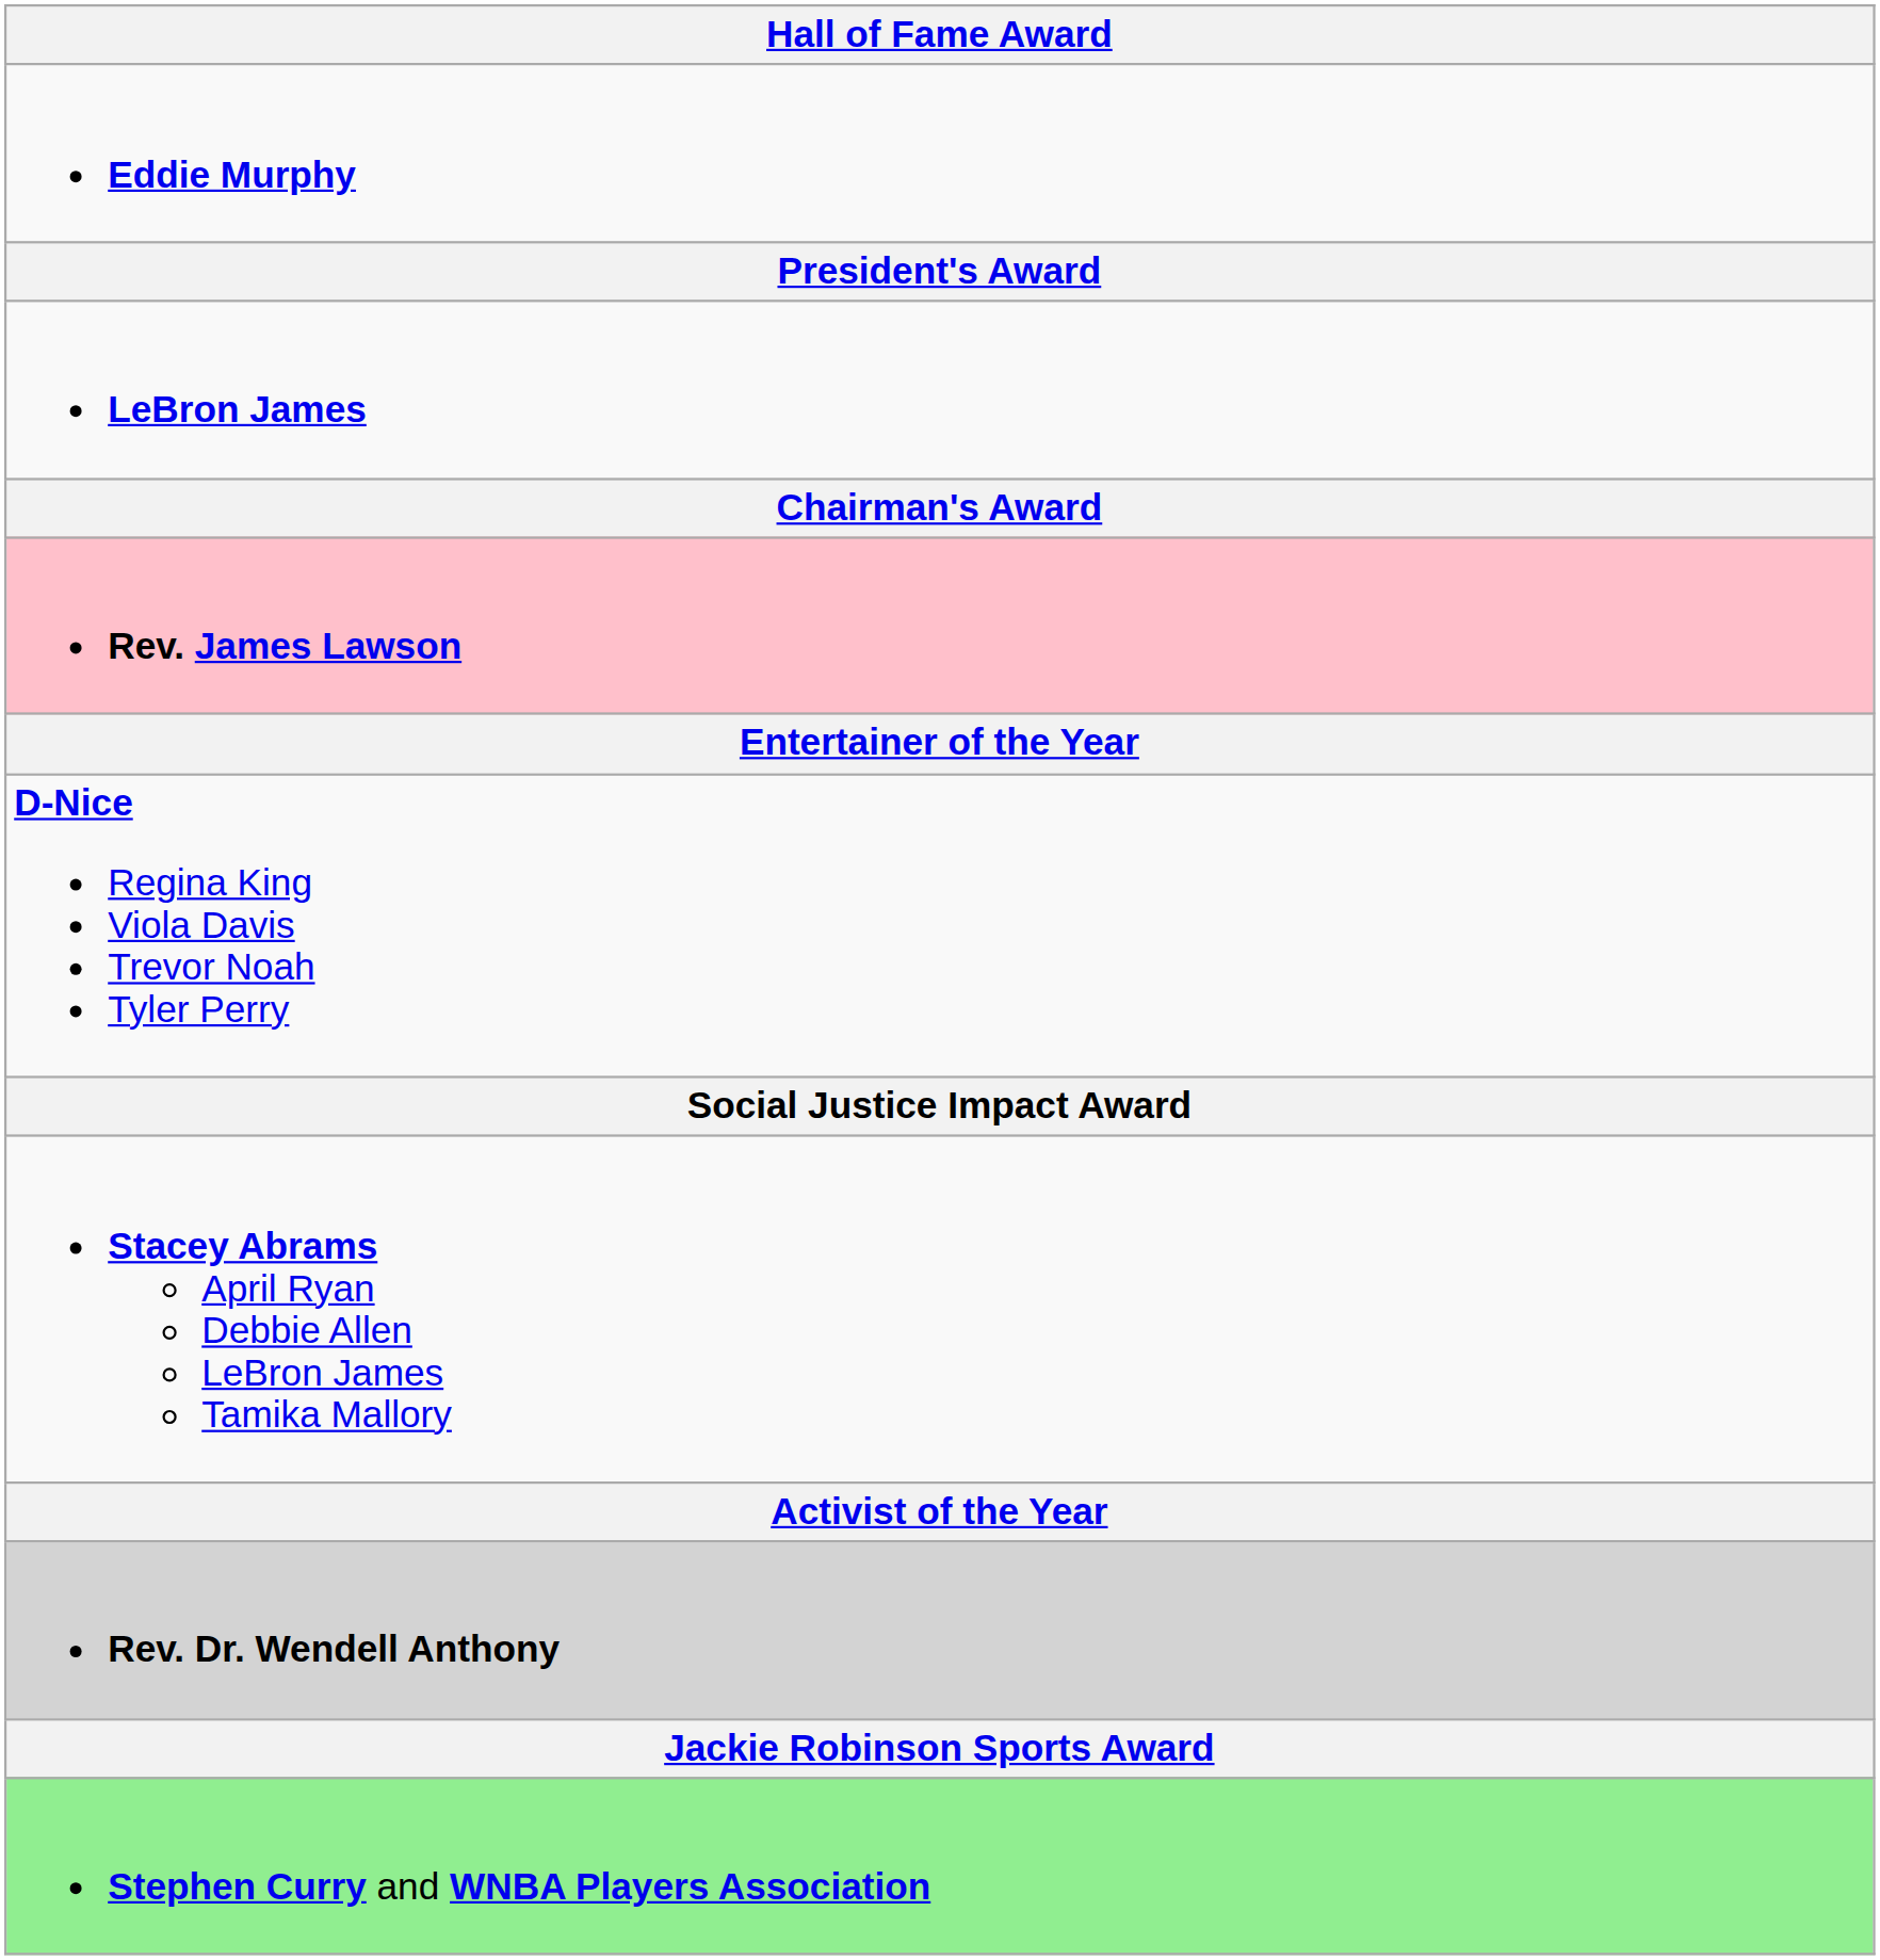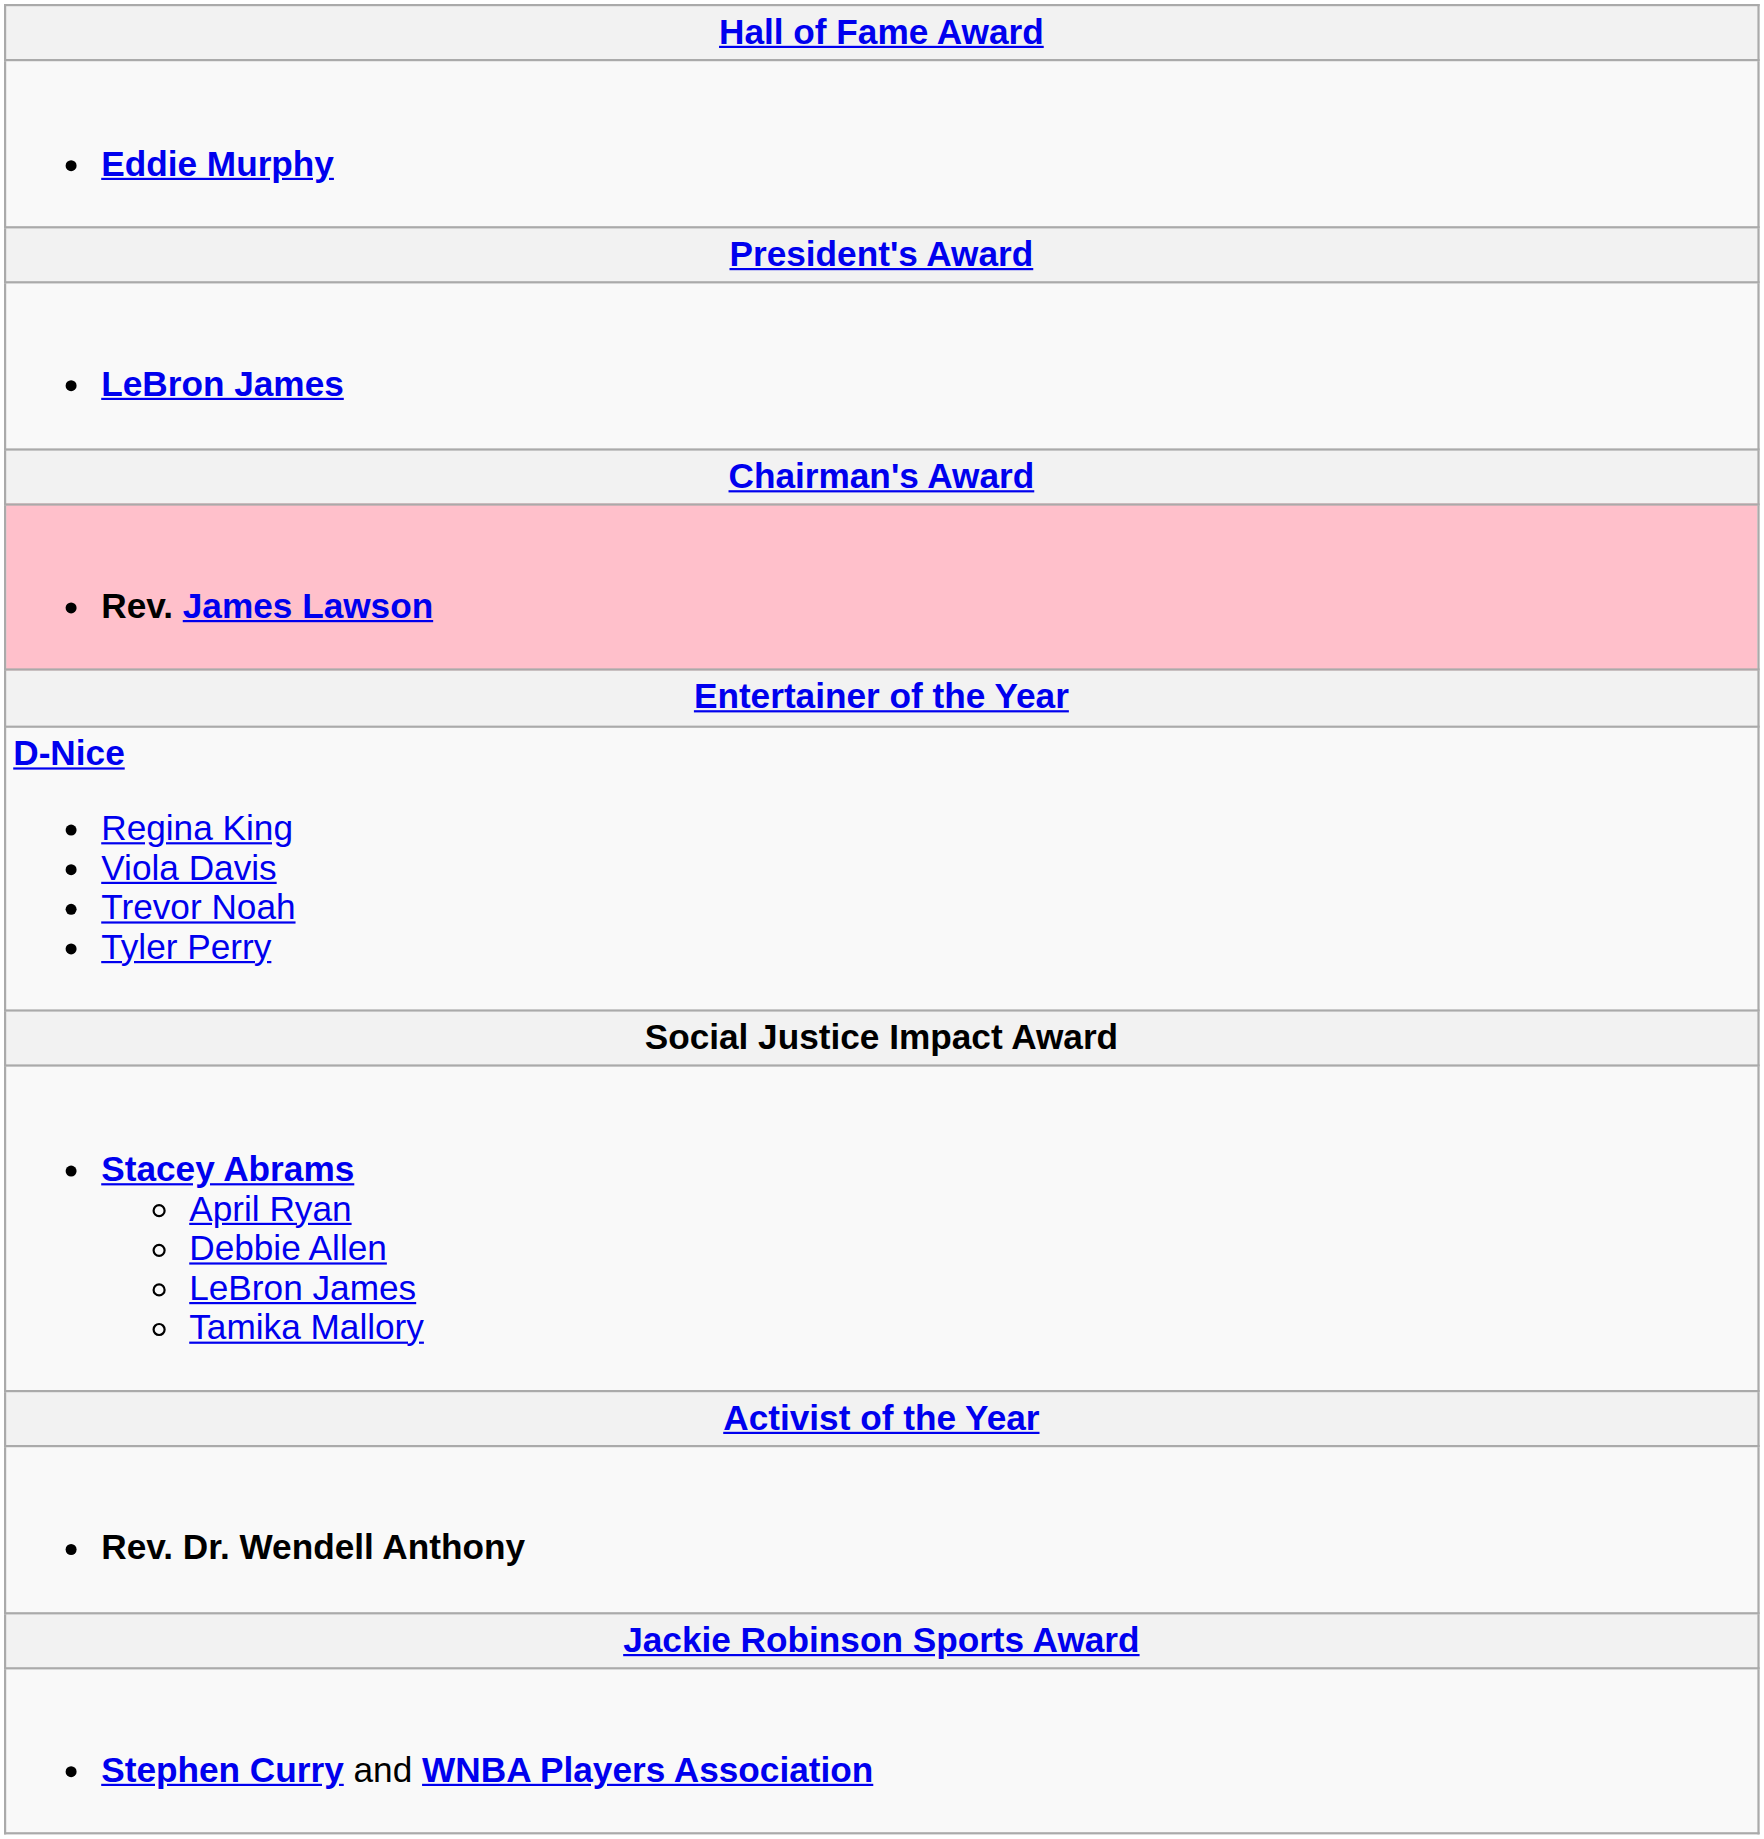 <table class="wikitable">
 <tr>
 <th style="width=50%"><a href='#'>Hall of Fame Award</a></th>
 </tr>
 <tr>
 <td width="50%" style="vertical-align:top"><br><ul><li><strong><a href='#'>Eddie Murphy</a></strong></li></ul></td>
 </tr>
 <tr>
 <th style="width=50%"><a href='#'>President's Award</a></th>
 </tr>
 <tr>
 <td width="50%" style="vertical-align:top"><br><ul><li><strong><a href='#'>LeBron James</a></strong></li></ul></td>
 </tr>
 <tr>
 <th style="width=50%"><a href='#'>Chairman's Award</a></th>
 </tr>
 <tr>
 <td width="50%" style="background: pink; vertical-align:top"><br><ul><li><strong>Rev. <a href='#'>James Lawson</a></strong></li></ul></td>
 </tr>
 <tr>
 <th style="width=50%"><a href='#'>Entertainer of the Year</a></th>
 </tr>
 <tr>
 <td width="50%" style="vertical-align:top"><strong><a href='#'>D-Nice</a></strong><br><ul><li><a href='#'>Regina King</a></li><li><a href='#'>Viola Davis</a></li><li><a href='#'>Trevor Noah</a></li><li><a href='#'>Tyler Perry</a></li></ul></td>
 </tr>
 <tr>
 <th style="width=50%">Social Justice Impact Award</th>
 </tr>
 <tr>
 <td width="50%" style="vertical-align:top"><br><ul><li><strong><a href='#'>Stacey Abrams</a></strong><ul><li><a href='#'>April Ryan</a></li><li><a href='#'>Debbie Allen</a></li><li><a href='#'>LeBron James</a></li><li><a href='#'>Tamika Mallory</a></li></ul></li></ul></td>
 </tr>
 <tr>
 <th style="width=50%"><a href='#'>Activist of the Year</a></th>
 </tr>
 <tr>
-<td valign="top" width="50%" style="background: lightgrey;"><br><ul><li><strong>Rev. Dr. Wendell Anthony</strong></li></ul></td>
+<td valign="top" width="50%"><br><ul><li><strong>Rev. Dr. Wendell Anthony</strong></li></ul></td>
 </tr>
 <tr>
 <th style="width=50%"><a href='#'>Jackie Robinson Sports Award</a></th>
 </tr>
 <tr>
-<td width="50%" style="background: lightgreen; vertical-align:top"><br><ul><li><strong><a href='#'>Stephen Curry</a></strong> and <strong><a href='#'>WNBA Players Association</a></strong></li></ul></td>
+<td width="50%" style="vertical-align:top"><br><ul><li><strong><a href='#'>Stephen Curry</a></strong> and <strong><a href='#'>WNBA Players Association</a></strong></li></ul></td>
 </tr>
 </table>
